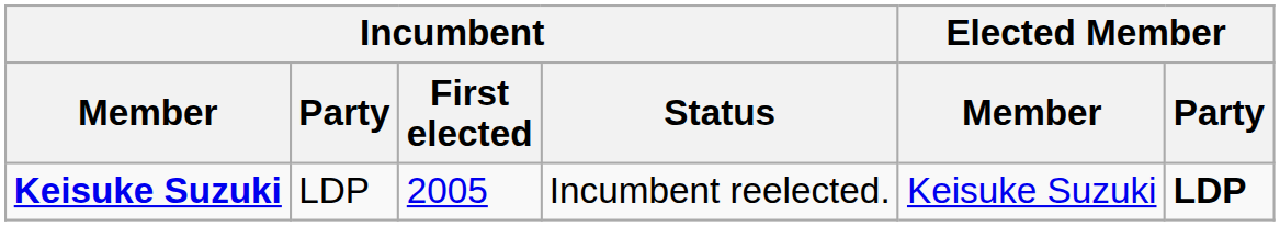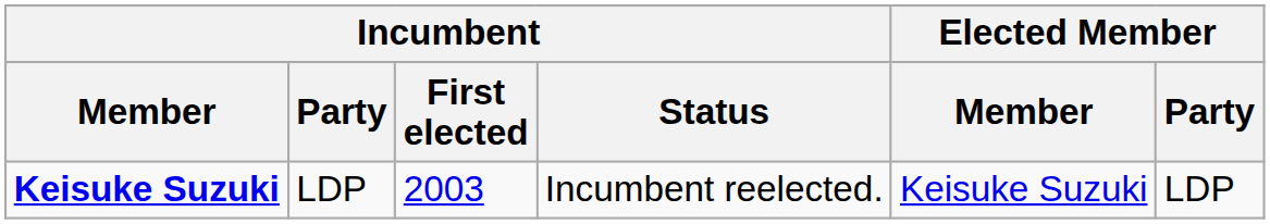 <table class="wikitable sortable">
 <tr>
 <th colspan=4>Incumbent</th>
 <th colspan=2>Elected Member</th>
 </tr>
 <tr>
 <th>Member</th>
 <th>Party</th>
 <th>First<br>elected</th>
 <th>Status</th>
 <th>Member</th>
 <th>Party</th>
 </tr>
 <tr>
 <td><strong><a href='#'>Keisuke Suzuki</a></strong></td>
 <td>LDP</td>
-<td><a href='#'>2005</a></td>
+<td><a href='#'>2003</a></td>
 <td>Incumbent reelected.</td>
 <td><a href='#'>Keisuke Suzuki</a></td>
-<td><strong>LDP</strong></td>
+<td>LDP</td>
 </tr>
 </table>
